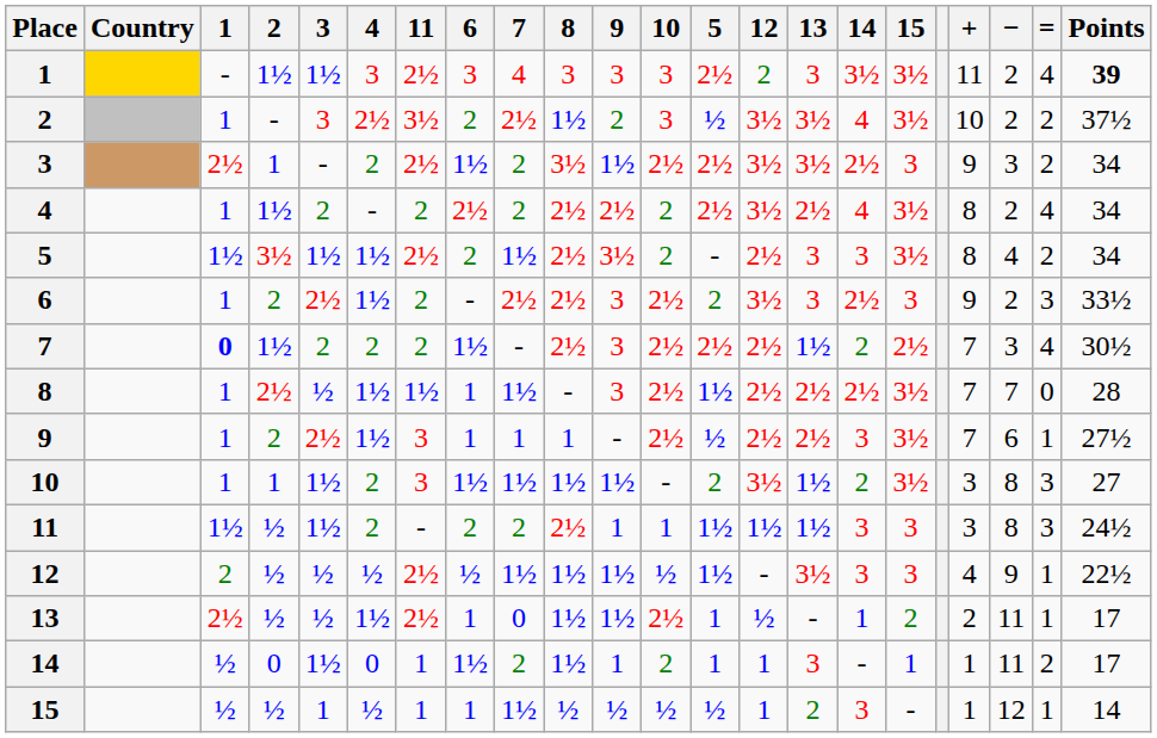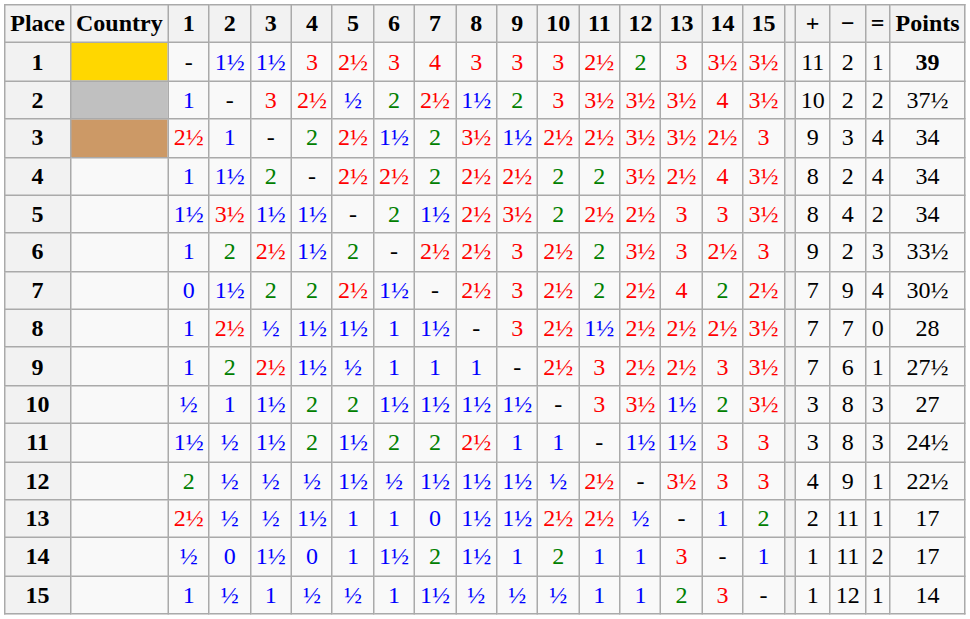 <table class="wikitable" style="text-align:center">
 <tr>
 <th>Place</th>
 <th>Country</th>
 <th>1</th>
 <th>2</th>
 <th>3</th>
 <th>4</th>
-<th>11</th>
+<th>5</th>
 <th>6</th>
 <th>7</th>
 <th>8</th>
 <th>9</th>
 <th>10</th>
-<th>5</th>
+<th>11</th>
 <th>12</th>
 <th>13</th>
 <th>14</th>
 <th>15</th>
 <th></th>
 <th>+</th>
 <th>−</th>
 <th>=</th>
 <th>Points</th>
 </tr>
 <tr>
 <th>1</th>
 <td align=left bgcolor="gold"></td>
 <td>-</td>
 <td style="color: blue;">1½</td>
 <td style="color: blue;">1½</td>
 <td style="color: red;">3</td>
 <td style="color: red;">2½</td>
 <td style="color: red;">3</td>
 <td style="color: red;">4</td>
 <td style="color: red;">3</td>
 <td style="color: red;">3</td>
 <td style="color: red;">3</td>
 <td style="color: red;">2½</td>
 <td style="color: green">2</td>
 <td style="color: red;">3</td>
 <td style="color: red;">3½</td>
 <td style="color: red;">3½</td>
 <th></th>
 <td>11</td>
 <td>2</td>
-<td>4</td>
+<td>1</td>
 <td><strong>39</strong></td>
 </tr>
 <tr>
 <th>2</th>
 <td align=left bgcolor="silver"></td>
 <td style="color: blue;">1</td>
 <td>-</td>
 <td style="color: red;">3</td>
 <td style="color: red;">2½</td>
-<td style="color: red;">3½</td>
+<td style="color: blue;">½</td>
 <td style="color: green">2</td>
 <td style="color: red;">2½</td>
 <td style="color: blue;">1½</td>
 <td style="color: green">2</td>
 <td style="color: red;">3</td>
-<td style="color: blue;">½</td>
+<td style="color: red;">3½</td>
 <td style="color: red;">3½</td>
 <td style="color: red;">3½</td>
 <td style="color: red;">4</td>
 <td style="color: red;">3½</td>
 <th></th>
 <td>10</td>
 <td>2</td>
 <td>2</td>
 <td>37½</td>
 </tr>
 <tr>
 <th>3</th>
 <td align=left bgcolor="CC9966"></td>
 <td style="color: red;">2½</td>
 <td style="color: blue;">1</td>
 <td>-</td>
 <td style="color: green">2</td>
 <td style="color: red;">2½</td>
 <td style="color: blue;">1½</td>
 <td style="color: green">2</td>
 <td style="color: red;">3½</td>
 <td style="color: blue;">1½</td>
 <td style="color: red;">2½</td>
 <td style="color: red;">2½</td>
 <td style="color: red;">3½</td>
 <td style="color: red;">3½</td>
 <td style="color: red;">2½</td>
 <td style="color: red;">3</td>
 <th></th>
 <td>9</td>
 <td>3</td>
-<td>2</td>
+<td>4</td>
 <td>34</td>
 </tr>
 <tr>
 <th>4</th>
 <td align=left></td>
 <td style="color: blue;">1</td>
 <td style="color: blue;">1½</td>
 <td style="color: green">2</td>
 <td>-</td>
-<td style="color: green">2</td>
+<td style="color: red;">2½</td>
 <td style="color: red;">2½</td>
 <td style="color: green">2</td>
 <td style="color: red;">2½</td>
 <td style="color: red;">2½</td>
 <td style="color: green">2</td>
-<td style="color: red;">2½</td>
+<td style="color: green">2</td>
 <td style="color: red;">3½</td>
 <td style="color: red;">2½</td>
 <td style="color: red;">4</td>
 <td style="color: red;">3½</td>
 <th></th>
 <td>8</td>
 <td>2</td>
 <td>4</td>
 <td>34</td>
 </tr>
 <tr>
 <th>5</th>
 <td align=left></td>
 <td style="color: blue;">1½</td>
 <td style="color: red;">3½</td>
 <td style="color: blue;">1½</td>
 <td style="color: blue;">1½</td>
-<td style="color: red;">2½</td>
+<td>-</td>
 <td style="color: green">2</td>
 <td style="color: blue;">1½</td>
 <td style="color: red;">2½</td>
 <td style="color: red;">3½</td>
 <td style="color: green">2</td>
-<td>-</td>
+<td style="color: red;">2½</td>
 <td style="color: red;">2½</td>
 <td style="color: red;">3</td>
 <td style="color: red;">3</td>
 <td style="color: red;">3½</td>
 <th></th>
 <td>8</td>
 <td>4</td>
 <td>2</td>
 <td>34</td>
 </tr>
 <tr>
 <th>6</th>
 <td align=left></td>
 <td style="color: blue;">1</td>
 <td style="color: green">2</td>
 <td style="color: red;">2½</td>
 <td style="color: blue;">1½</td>
 <td style="color: green">2</td>
 <td>-</td>
 <td style="color: red;">2½</td>
 <td style="color: red;">2½</td>
 <td style="color: red;">3</td>
 <td style="color: red;">2½</td>
 <td style="color: green">2</td>
 <td style="color: red;">3½</td>
 <td style="color: red;">3</td>
 <td style="color: red;">2½</td>
 <td style="color: red;">3</td>
 <th></th>
 <td>9</td>
 <td>2</td>
 <td>3</td>
 <td>33½</td>
 </tr>
 <tr>
 <th>7</th>
 <td align=left></td>
-<td style="color: blue;"><strong>0</strong></td>
+<td style="color: blue;">0</td>
 <td style="color: blue;">1½</td>
 <td style="color: green">2</td>
 <td style="color: green">2</td>
-<td style="color: green">2</td>
+<td style="color: red;">2½</td>
 <td style="color: blue;">1½</td>
 <td>-</td>
 <td style="color: red;">2½</td>
 <td style="color: red;">3</td>
 <td style="color: red;">2½</td>
+<td style="color: green">2</td>
 <td style="color: red;">2½</td>
-<td style="color: red;">2½</td>
-<td style="color: blue;">1½</td>
+<td style="color: red;">4</td>
 <td style="color: green">2</td>
 <td style="color: red;">2½</td>
 <th></th>
 <td>7</td>
-<td>3</td>
+<td>9</td>
 <td>4</td>
 <td>30½</td>
 </tr>
 <tr>
 <th>8</th>
 <td align=left></td>
 <td style="color: blue;">1</td>
 <td style="color: red;">2½</td>
 <td style="color: blue;">½</td>
 <td style="color: blue;">1½</td>
 <td style="color: blue;">1½</td>
 <td style="color: blue;">1</td>
 <td style="color: blue;">1½</td>
 <td>-</td>
 <td style="color: red;">3</td>
 <td style="color: red;">2½</td>
 <td style="color: blue;">1½</td>
 <td style="color: red;">2½</td>
 <td style="color: red;">2½</td>
 <td style="color: red;">2½</td>
 <td style="color: red;">3½</td>
 <th></th>
 <td>7</td>
 <td>7</td>
 <td>0</td>
 <td>28</td>
 </tr>
 <tr>
 <th>9</th>
 <td align=left></td>
 <td style="color: blue;">1</td>
 <td style="color: green">2</td>
 <td style="color: red;">2½</td>
 <td style="color: blue;">1½</td>
-<td style="color: red;">3</td>
+<td style="color: blue;">½</td>
 <td style="color: blue;">1</td>
 <td style="color: blue;">1</td>
 <td style="color: blue;">1</td>
 <td>-</td>
 <td style="color: red;">2½</td>
-<td style="color: blue;">½</td>
+<td style="color: red;">3</td>
 <td style="color: red;">2½</td>
 <td style="color: red;">2½</td>
 <td style="color: red;">3</td>
 <td style="color: red;">3½</td>
 <th></th>
 <td>7</td>
 <td>6</td>
 <td>1</td>
 <td>27½</td>
 </tr>
 <tr>
 <th>10</th>
 <td align=left></td>
-<td style="color: blue;">1</td>
+<td style="color: blue;">½</td>
 <td style="color: blue;">1</td>
 <td style="color: blue;">1½</td>
 <td style="color: green">2</td>
-<td style="color: red;">3</td>
+<td style="color: green">2</td>
 <td style="color: blue;">1½</td>
 <td style="color: blue;">1½</td>
 <td style="color: blue;">1½</td>
 <td style="color: blue;">1½</td>
 <td>-</td>
-<td style="color: green">2</td>
+<td style="color: red;">3</td>
 <td style="color: red;">3½</td>
 <td style="color: blue;">1½</td>
 <td style="color: green">2</td>
 <td style="color: red;">3½</td>
 <th></th>
 <td>3</td>
 <td>8</td>
 <td>3</td>
 <td>27</td>
 </tr>
 <tr>
 <th>11</th>
 <td align=left></td>
 <td style="color: blue;">1½</td>
 <td style="color: blue;">½</td>
 <td style="color: blue;">1½</td>
 <td style="color: green">2</td>
-<td>-</td>
+<td style="color: blue;">1½</td>
 <td style="color: green">2</td>
 <td style="color: green">2</td>
 <td style="color: red;">2½</td>
 <td style="color: blue;">1</td>
 <td style="color: blue;">1</td>
-<td style="color: blue;">1½</td>
+<td>-</td>
 <td style="color: blue;">1½</td>
 <td style="color: blue;">1½</td>
 <td style="color: red;">3</td>
 <td style="color: red;">3</td>
 <th></th>
 <td>3</td>
 <td>8</td>
 <td>3</td>
 <td>24½</td>
 </tr>
 <tr>
 <th>12</th>
 <td align=left></td>
 <td style="color: green">2</td>
 <td style="color: blue;">½</td>
 <td style="color: blue;">½</td>
 <td style="color: blue;">½</td>
-<td style="color: red;">2½</td>
+<td style="color: blue;">1½</td>
 <td style="color: blue;">½</td>
 <td style="color: blue;">1½</td>
 <td style="color: blue;">1½</td>
 <td style="color: blue;">1½</td>
 <td style="color: blue;">½</td>
-<td style="color: blue;">1½</td>
+<td style="color: red;">2½</td>
 <td>-</td>
 <td style="color: red;">3½</td>
 <td style="color: red;">3</td>
 <td style="color: red;">3</td>
 <th></th>
 <td>4</td>
 <td>9</td>
 <td>1</td>
 <td>22½</td>
 </tr>
 <tr>
 <th>13</th>
 <td align=left></td>
 <td style="color: red;">2½</td>
 <td style="color: blue;">½</td>
 <td style="color: blue;">½</td>
 <td style="color: blue;">1½</td>
-<td style="color: red;">2½</td>
+<td style="color: blue;">1</td>
 <td style="color: blue;">1</td>
 <td style="color: blue;">0</td>
 <td style="color: blue;">1½</td>
 <td style="color: blue;">1½</td>
 <td style="color: red;">2½</td>
-<td style="color: blue;">1</td>
+<td style="color: red;">2½</td>
 <td style="color: blue;">½</td>
 <td>-</td>
 <td style="color: blue;">1</td>
 <td style="color: green">2</td>
 <th></th>
 <td>2</td>
 <td>11</td>
 <td>1</td>
 <td>17</td>
 </tr>
 <tr>
 <th>14</th>
 <td align=left></td>
 <td style="color: blue;">½</td>
 <td style="color: blue;">0</td>
 <td style="color: blue;">1½</td>
 <td style="color: blue;">0</td>
 <td style="color: blue;">1</td>
 <td style="color: blue;">1½</td>
 <td style="color: green">2</td>
 <td style="color: blue;">1½</td>
 <td style="color: blue;">1</td>
 <td style="color: green">2</td>
 <td style="color: blue;">1</td>
 <td style="color: blue;">1</td>
 <td style="color: red;">3</td>
 <td>-</td>
 <td style="color: blue;">1</td>
 <th></th>
 <td>1</td>
 <td>11</td>
 <td>2</td>
 <td>17</td>
 </tr>
 <tr>
 <th>15</th>
 <td align=left></td>
-<td style="color: blue;">½</td>
+<td style="color: blue;">1</td>
 <td style="color: blue;">½</td>
 <td style="color: blue;">1</td>
 <td style="color: blue;">½</td>
-<td style="color: blue;">1</td>
+<td style="color: blue;">½</td>
 <td style="color: blue;">1</td>
 <td style="color: blue;">1½</td>
 <td style="color: blue;">½</td>
 <td style="color: blue;">½</td>
 <td style="color: blue;">½</td>
-<td style="color: blue;">½</td>
+<td style="color: blue;">1</td>
 <td style="color: blue;">1</td>
 <td style="color: green">2</td>
 <td style="color: red;">3</td>
 <td>-</td>
 <th></th>
 <td>1</td>
 <td>12</td>
 <td>1</td>
 <td>14</td>
 </tr>
 </table>
